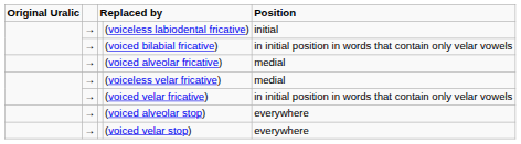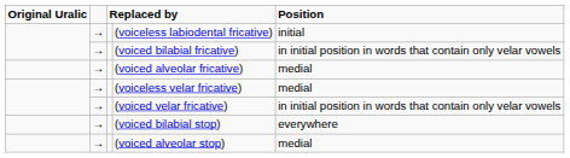 <table class="wikitable" border="1! width=100% align=center">
 <tr>
 <td><strong>Original Uralic</strong></td>
 <td></td>
 <td colspan=2><strong>Replaced by</strong></td>
 <td><strong>Position</strong></td>
 </tr>
 <tr>
 <td rowspan="2"></td>
 <td>→</td>
 <td></td>
 <td>(<a href='#'>voiceless labiodental fricative</a>)</td>
 <td>initial</td>
 </tr>
 <tr>
 <td>→</td>
 <td></td>
 <td>(<a href='#'>voiced bilabial fricative</a>)</td>
 <td>in initial position in words that contain only velar vowels</td>
 </tr>
 <tr>
 <td></td>
 <td>→</td>
 <td></td>
 <td>(<a href='#'>voiced alveolar fricative</a>)</td>
 <td>medial</td>
 </tr>
 <tr>
 <td rowspan="2"></td>
 <td>→</td>
 <td></td>
 <td>(<a href='#'>voiceless velar fricative</a>)</td>
 <td>medial</td>
 </tr>
 <tr>
 <td>→</td>
 <td></td>
 <td>(<a href='#'>voiced velar fricative</a>)</td>
 <td>in initial position in words that contain only velar vowels</td>
 </tr>
 <tr>
 <td></td>
 <td>→</td>
 <td></td>
-<td>(<a href='#'>voiced alveolar stop</a>)</td>
+<td>(<a href='#'>voiced bilabial stop</a>)</td>
 <td>everywhere</td>
 </tr>
 <tr>
 <td></td>
 <td>→</td>
 <td></td>
-<td>(<a href='#'>voiced velar stop</a>)</td>
-<td>everywhere</td>
+<td>(<a href='#'>voiced alveolar stop</a>)</td>
+<td>medial</td>
 </tr>
 </table>
